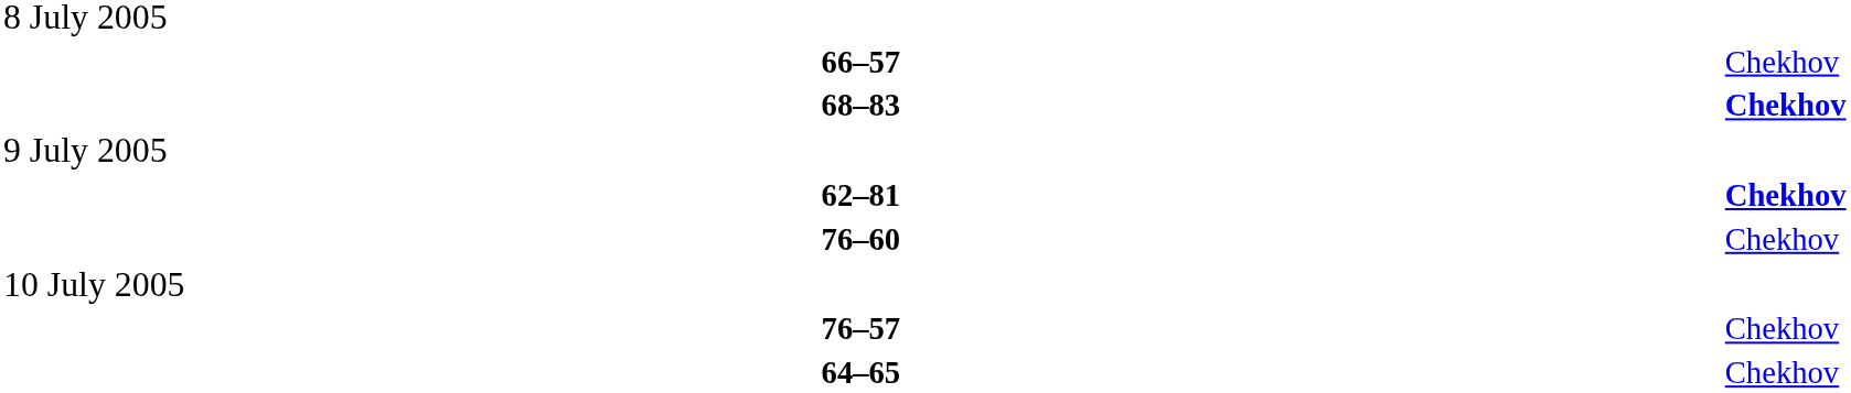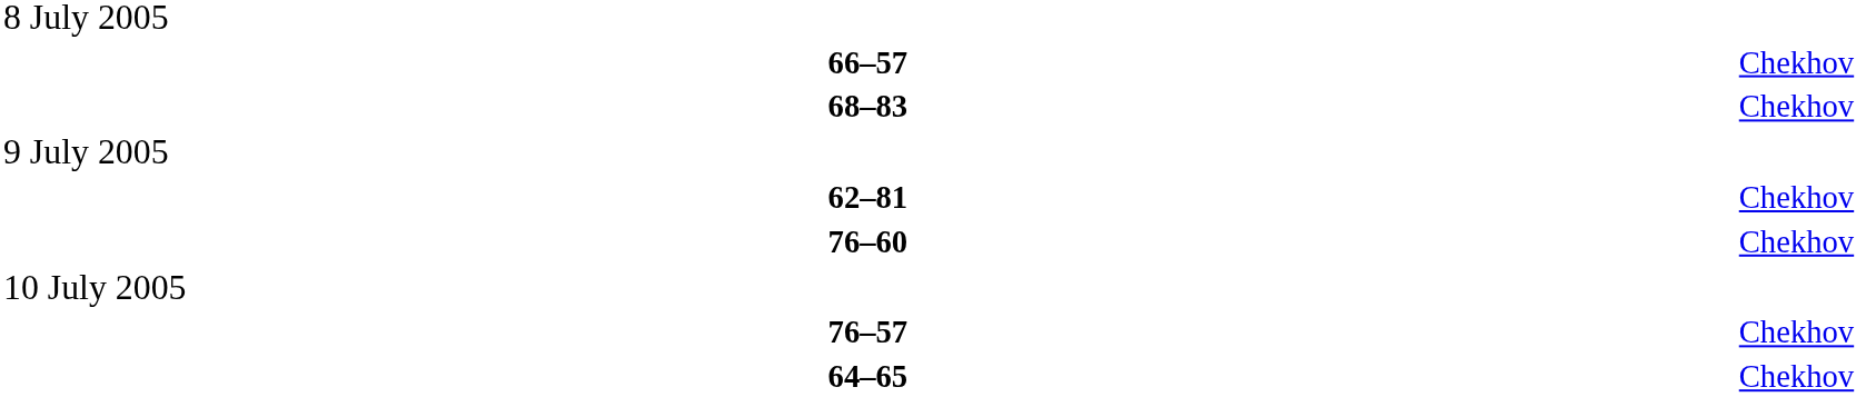 <table style="width:100%;" cellspacing="1">
 <tr>
 <th width=25%></th>
 <th width=3%></th>
 <th width=6%></th>
 <th width=3%></th>
 <th width=25%></th>
 </tr>
 <tr>
 <td>8 July 2005</td>
 </tr>
 <tr style=font-size:90%>
 <td align=right><strong></strong></td>
 <td></td>
 <td align=center><strong>66–57</strong></td>
 <td></td>
 <td><strong></strong></td>
 <td><a href='#'>Chekhov</a></td>
 </tr>
 <tr style=font-size:90%>
 <td align=right><strong></strong></td>
 <td></td>
 <td align=center><strong>68–83</strong></td>
 <td></td>
 <td><strong></strong></td>
-<td><strong><a href='#'>Chekhov</a></strong></td>
+<td><a href='#'>Chekhov</a></td>
 </tr>
 <tr>
 <td>9 July 2005</td>
 </tr>
 <tr style=font-size:90%>
 <td align=right><strong></strong></td>
 <td></td>
 <td align=center><strong>62–81</strong></td>
 <td></td>
 <td><strong></strong></td>
-<td><strong><a href='#'>Chekhov</a></strong></td>
+<td><a href='#'>Chekhov</a></td>
 </tr>
 <tr style=font-size:90%>
 <td align=right><strong></strong></td>
 <td></td>
 <td align=center><strong>76–60</strong></td>
 <td></td>
 <td><strong></strong></td>
 <td><a href='#'>Chekhov</a></td>
 </tr>
 <tr>
 <td>10 July 2005</td>
 </tr>
 <tr style=font-size:90%>
 <td align=right><strong></strong></td>
 <td></td>
 <td align=center><strong>76–57</strong></td>
 <td></td>
 <td><strong></strong></td>
 <td><a href='#'>Chekhov</a></td>
 </tr>
 <tr style=font-size:90%>
 <td align=right><strong></strong></td>
 <td></td>
 <td align=center><strong>64–65</strong></td>
 <td></td>
 <td><strong></strong></td>
 <td><a href='#'>Chekhov</a></td>
 </tr>
 </table>
